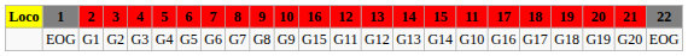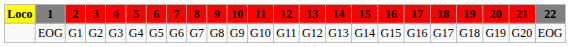 <table class="wikitable plainrowheaders unsortable" style="text-align:center">
 <tr>
 <th scope="col" rowspan="1" style="background:yellow;">Loco</th>
 <th scope="col" rowspan="1" style="background:grey;">1</th>
 <th scope="col" rowspan="1" style="background:red;">2</th>
 <th scope="col" rowspan="1" style="background:red;">3</th>
 <th scope="col" rowspan="1" style="background:red;">4</th>
 <th scope="col" rowspan="1" style="background:red;">5</th>
 <th scope="col" rowspan="1" style="background:red;">6</th>
 <th scope="col" rowspan="1" style="background:red;">7</th>
 <th scope="col" rowspan="1" style="background:red;">8</th>
 <th scope="col" rowspan="1" style="background:red;">9</th>
 <th scope="col" rowspan="1" style="background:red;">10</th>
-<th scope="col" rowspan="1" style="background:red;">16</th>
+<th scope="col" rowspan="1" style="background:red;">11</th>
 <th scope="col" rowspan="1" style="background:red;">12</th>
 <th scope="col" rowspan="1" style="background:red;">13</th>
 <th scope="col" rowspan="1" style="background:red;">14</th>
 <th scope="col" rowspan="1" style="background:red;">15</th>
-<th scope="col" rowspan="1" style="background:red;">11</th>
+<th scope="col" rowspan="1" style="background:red;">16</th>
 <th scope="col" rowspan="1" style="background:red;">17</th>
 <th scope="col" rowspan="1" style="background:red;">18</th>
 <th scope="col" rowspan="1" style="background:red;">19</th>
 <th scope="col" rowspan="1" style="background:red;">20</th>
 <th scope="col" rowspan="1" style="background:red;">21</th>
 <th scope="col" rowspan="1" style="background:grey;">22</th>
 </tr>
 <tr>
 <td></td>
 <td>EOG</td>
 <td>G1</td>
 <td>G2</td>
 <td>G3</td>
 <td>G4</td>
 <td>G5</td>
 <td>G6</td>
 <td>G7</td>
 <td>G8</td>
 <td>G9</td>
-<td>G15</td>
+<td>G10</td>
 <td>G11</td>
 <td>G12</td>
 <td>G13</td>
 <td>G14</td>
-<td>G10</td>
+<td>G15</td>
 <td>G16</td>
 <td>G17</td>
 <td>G18</td>
 <td>G19</td>
 <td>G20</td>
 <td>EOG</td>
 </tr>
 </table>
